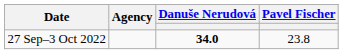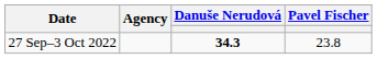 <table class="wikitable" style=text-align:center;font-size:85%;line-height:14px;">
 <tr>
 <th rowspan="2">Date</th>
 <th rowspan="2">Agency</th>
 <th><a href='#'>Danuše Nerudová</a></th>
 <th><a href='#'>Pavel Fischer</a></th>
 </tr>
 <tr>
 <th style="background:"></th>
 <th style="background:"></th>
 </tr>
 <tr>
 <td>27 Sep–3 Oct 2022</td>
 <td></td>
-<td><strong>34.0</strong></td>
+<td><strong>34.3</strong></td>
 <td>23.8</td>
 </tr>
 </table>
